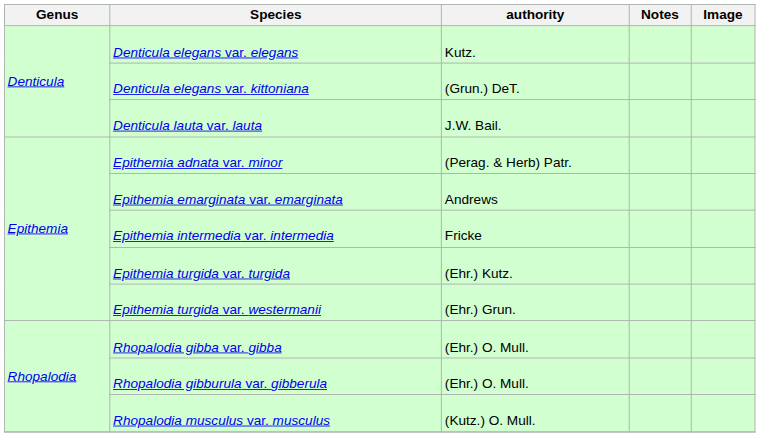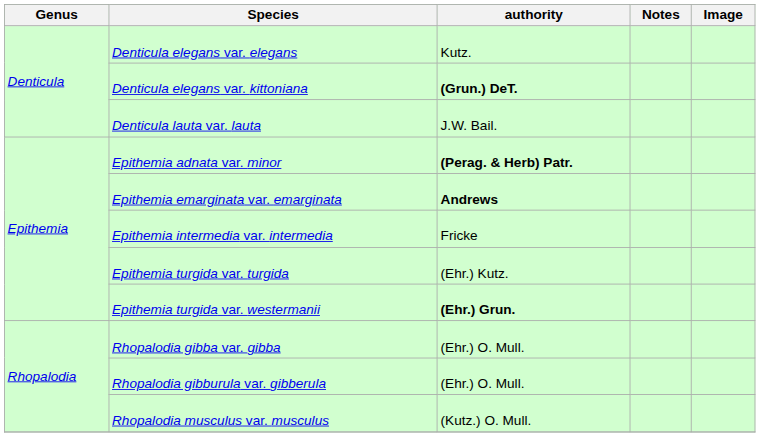 <table class="wikitable" align="center" width="100%" style="background:#D1FFCF;">
 <tr>
 <th>Genus</th>
 <th>Species</th>
 <th>authority</th>
 <th>Notes</th>
 <th>Image</th>
 </tr>
 <tr>
 <td rowspan=3><em><a href='#'>Denticula</a></em></td>
 <td><br><a href='#'><em>Denticula elegans</em> var. <em>elegans</em></a></td>
 <td><br>Kutz.</td>
 <td></td>
 <td></td>
 </tr>
 <tr>
 <td><br><a href='#'><em>Denticula elegans</em> var. <em>kittoniana</em></a></td>
-<td><br>(Grun.) DeT.</td>
+<td><strong><br>(Grun.) DeT.</strong></td>
 <td></td>
 <td></td>
 </tr>
 <tr>
 <td><br><a href='#'><em>Denticula lauta</em> var. <em>lauta</em></a></td>
 <td><br>J.W. Bail.</td>
 <td></td>
 <td></td>
 </tr>
 <tr>
 <td rowspan=5><em><a href='#'>Epithemia</a></em></td>
 <td><br><a href='#'><em>Epithemia adnata</em> var. <em>minor</em></a></td>
-<td><br>(Perag. & Herb) Patr.</td>
+<td><strong><br>(Perag. & Herb) Patr.</strong></td>
 <td></td>
 <td></td>
 </tr>
 <tr>
 <td><br><a href='#'><em>Epithemia emarginata</em> var. <em>emarginata</em></a></td>
-<td><br>Andrews</td>
+<td><strong><br>Andrews</strong></td>
 <td></td>
 <td></td>
 </tr>
 <tr>
 <td><br><a href='#'><em>Epithemia intermedia</em> var. <em>intermedia</em></a></td>
 <td><br>Fricke</td>
 <td></td>
 <td></td>
 </tr>
 <tr>
 <td><br><a href='#'><em>Epithemia turgida</em> var. <em>turgida</em></a></td>
 <td><br>(Ehr.) Kutz.</td>
 <td></td>
 <td></td>
 </tr>
 <tr>
 <td><br><a href='#'><em>Epithemia turgida</em> var. <em>westermanii</em></a></td>
-<td><br>(Ehr.) Grun.</td>
+<td><strong><br>(Ehr.) Grun.</strong></td>
 <td></td>
 <td></td>
 </tr>
 <tr>
 <td rowspan=3><em><a href='#'>Rhopalodia</a></em></td>
 <td><br><a href='#'><em>Rhopalodia gibba</em> var. <em>gibba</em></a></td>
 <td><br>(Ehr.) O. Mull.</td>
 <td></td>
 <td></td>
 </tr>
 <tr>
 <td><br><a href='#'><em>Rhopalodia gibburula</em> var. <em>gibberula</em></a></td>
 <td><br>(Ehr.) O. Mull.</td>
 <td></td>
 <td></td>
 </tr>
 <tr>
 <td><br><a href='#'><em>Rhopalodia musculus</em> var. <em>musculus</em></a></td>
 <td><br>(Kutz.) O. Mull.</td>
 <td></td>
 <td></td>
 </tr>
 <tr>
 </tr>
 </table>
